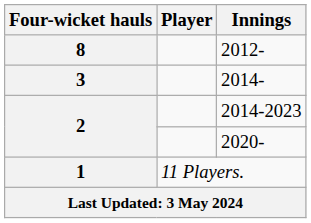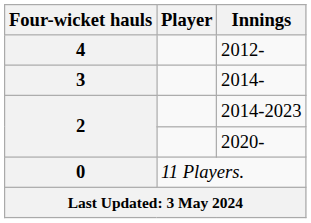 <table class="wikitable sortable" style="text-align:left;font-size:96%;">
 <tr>
 <th>Four-wicket hauls</th>
 <th>Player</th>
 <th>Innings</th>
 </tr>
 <tr>
-<th scope=row style=text-align:center;>8</th>
+<th scope=row style=text-align:center;>4</th>
 <td></td>
 <td>2012-</td>
 </tr>
 <tr>
 <th scope=row style=text-align:center;>3</th>
 <td></td>
 <td>2014-</td>
 </tr>
 <tr>
 <th scope=row style=text-align:center; rowspan=2>2</th>
 <td></td>
 <td>2014-2023</td>
 </tr>
 <tr>
 <td></td>
 <td>2020-</td>
 </tr>
 <tr>
-<th scope=row style=text-align:center;>1</th>
+<th scope=row style=text-align:center;>0</th>
 <td colspan=5><em>11 Players.</em></td>
 </tr>
 <tr class=sortbottom>
 <th colspan=7><small>Last Updated: 3 May 2024</small></th>
 </tr>
 </table>
